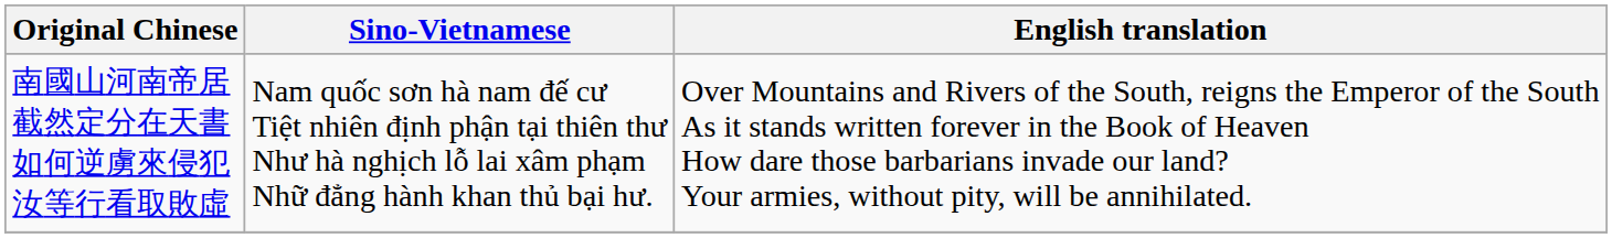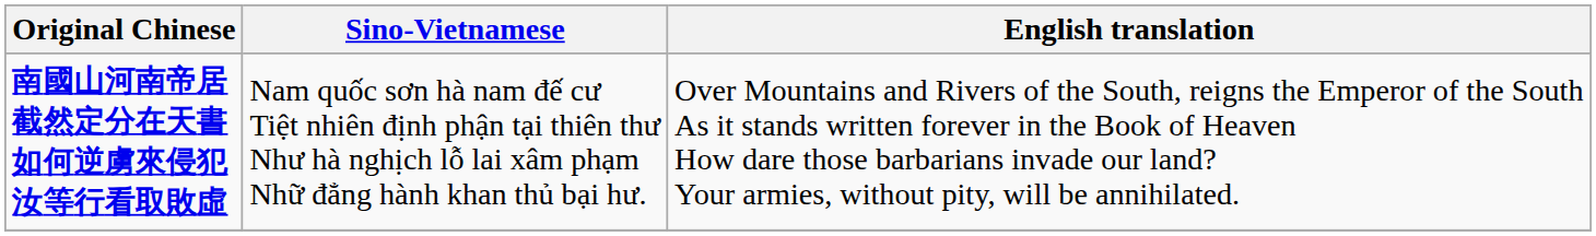 <table class="wikitable">
 <tr>
 <th>Original Chinese</th>
 <th><a href='#'>Sino-Vietnamese</a></th>
 <th>English translation</th>
 </tr>
 <tr>
-<td><a href='#'>南</a><a href='#'>國</a><a href='#'>山</a><a href='#'>河</a><a href='#'>南</a><a href='#'>帝</a><a href='#'>居</a><br><a href='#'>截</a><a href='#'>然</a><a href='#'>定</a><a href='#'>分</a><a href='#'>在</a><a href='#'>天</a><a href='#'>書</a><br> <a href='#'>如</a><a href='#'>何</a><a href='#'>逆</a><a href='#'>虜</a><a href='#'>來</a><a href='#'>侵</a><a href='#'>犯</a><br> <a href='#'>汝</a><a href='#'>等</a><a href='#'>行</a><a href='#'>看</a><a href='#'>取</a><a href='#'>敗</a><a href='#'>虛</a></td>
+<td><strong><a href='#'>南</a><a href='#'>國</a><a href='#'>山</a><a href='#'>河</a><a href='#'>南</a><a href='#'>帝</a><a href='#'>居</a><br><a href='#'>截</a><a href='#'>然</a><a href='#'>定</a><a href='#'>分</a><a href='#'>在</a><a href='#'>天</a><a href='#'>書</a><br> <a href='#'>如</a><a href='#'>何</a><a href='#'>逆</a><a href='#'>虜</a><a href='#'>來</a><a href='#'>侵</a><a href='#'>犯</a><br> <a href='#'>汝</a><a href='#'>等</a><a href='#'>行</a><a href='#'>看</a><a href='#'>取</a><a href='#'>敗</a><a href='#'>虛</a></strong></td>
 <td>Nam quốc sơn hà nam đế cư <br> Tiệt nhiên định phận tại thiên thư <br> Như hà nghịch lỗ lai xâm phạm <br> Nhữ đẳng hành khan thủ bại hư.</td>
 <td>Over Mountains and Rivers of the South, reigns the Emperor of the South<br>As it stands written forever in the Book of Heaven<br>How dare those barbarians invade our land?<br>Your armies, without pity, will be annihilated.<br></td>
 </tr>
 <tr>
 </tr>
 </table>
